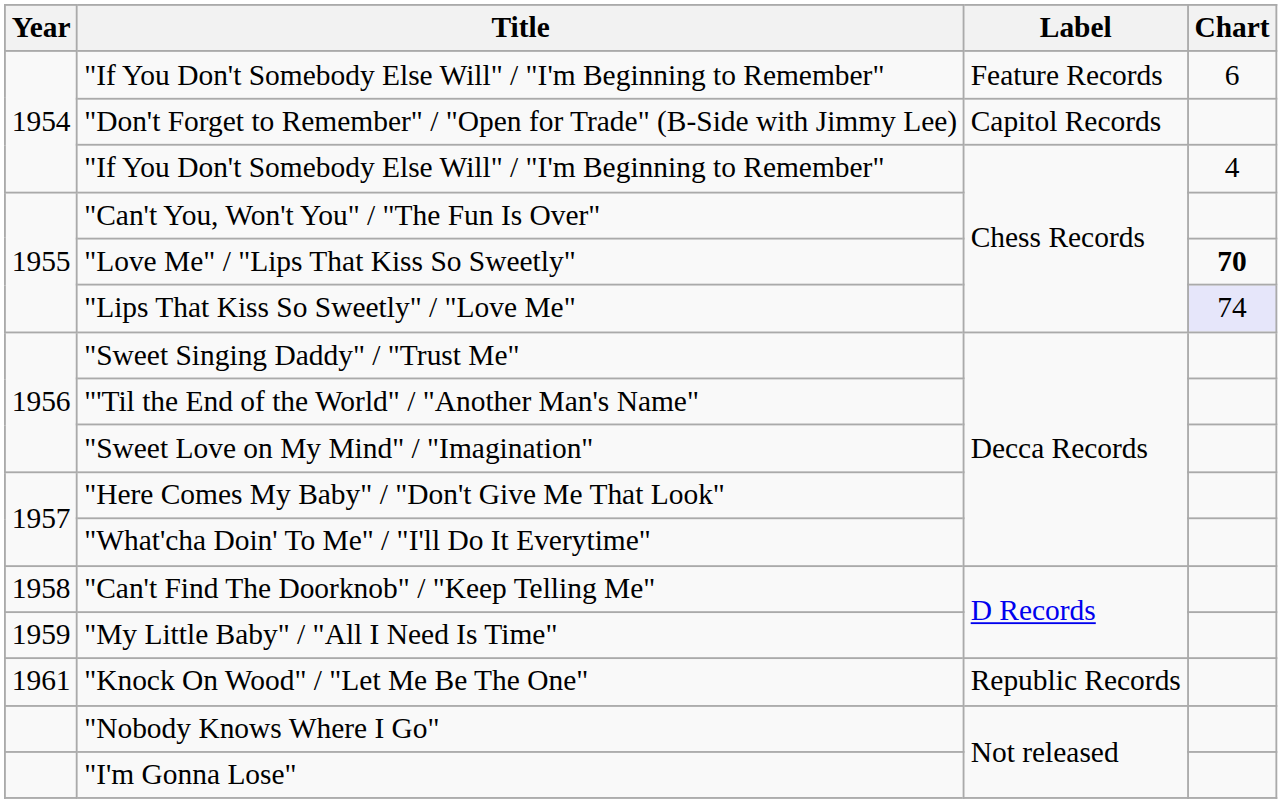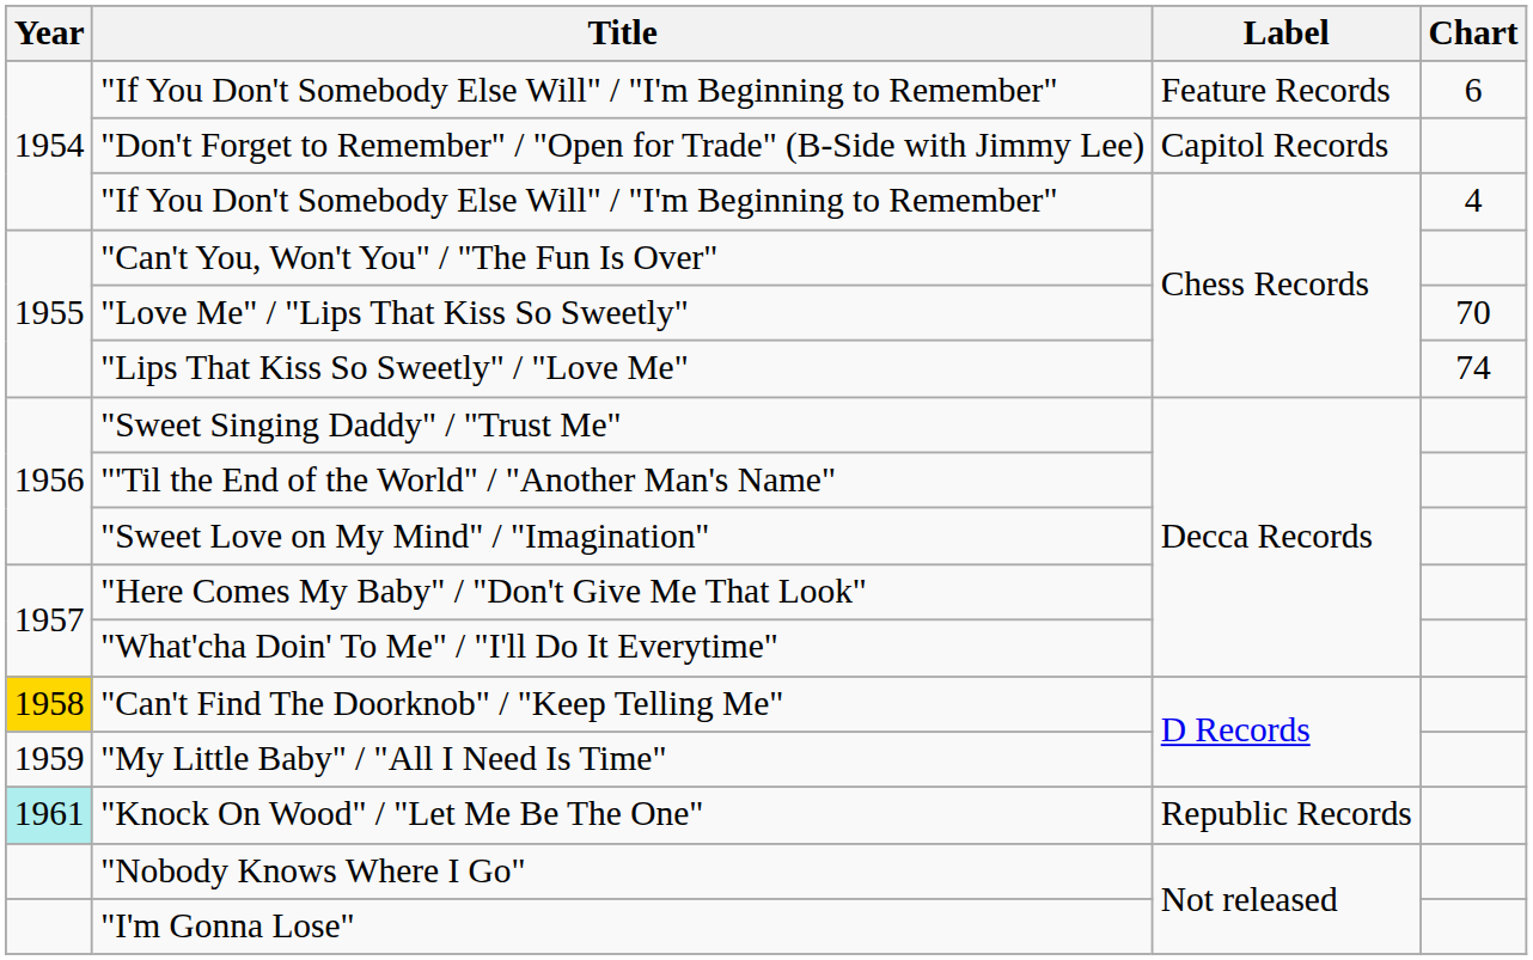 <table class="wikitable">
 <tr>
 <th>Year</th>
 <th>Title</th>
 <th>Label</th>
 <th>Chart</th>
 </tr>
 <tr>
 <td rowspan="3">1954</td>
 <td>"If You Don't Somebody Else Will" / "I'm Beginning to Remember"</td>
 <td>Feature Records</td>
 <td align="center">6</td>
 </tr>
 <tr>
 <td>"Don't Forget to Remember" / "Open for Trade" (B-Side with Jimmy Lee)</td>
 <td>Capitol Records</td>
 <td align="center"></td>
 </tr>
 <tr>
 <td>"If You Don't Somebody Else Will" / "I'm Beginning to Remember"</td>
 <td rowspan="4">Chess Records</td>
 <td align="center">4</td>
 </tr>
 <tr>
 <td rowspan="3">1955</td>
 <td>"Can't You, Won't You" / "The Fun Is Over"</td>
 <td align="center"></td>
 </tr>
 <tr>
 <td>"Love Me" / "Lips That Kiss So Sweetly"</td>
-<td align="center"><strong>70</strong></td>
+<td align="center">70</td>
 </tr>
 <tr>
 <td>"Lips That Kiss So Sweetly" / "Love Me"</td>
-<td align="center" style="background: lavender;">74</td>
+<td align="center">74</td>
 </tr>
 <tr>
 <td rowspan="3">1956</td>
 <td>"Sweet Singing Daddy" / "Trust Me"</td>
 <td rowspan="5">Decca Records</td>
 <td align="center"></td>
 </tr>
 <tr>
 <td>"'Til the End of the World" / "Another Man's Name"</td>
 <td align="center"></td>
 </tr>
 <tr>
 <td>"Sweet Love on My Mind" / "Imagination"</td>
 <td align="center"></td>
 </tr>
 <tr>
 <td rowspan="2">1957</td>
 <td>"Here Comes My Baby" / "Don't Give Me That Look"</td>
 <td align="center"></td>
 </tr>
 <tr>
 <td>"What'cha Doin' To Me" / "I'll Do It Everytime"</td>
 <td align="center"></td>
 </tr>
 <tr>
-<td>1958</td>
+<td style="background: gold;">1958</td>
 <td>"Can't Find The Doorknob" / "Keep Telling Me"</td>
 <td rowspan="2"><a href='#'>D Records</a></td>
 <td align="center"></td>
 </tr>
 <tr>
 <td>1959</td>
 <td>"My Little Baby" / "All I Need Is Time"</td>
 <td align="center"></td>
 </tr>
 <tr>
-<td>1961</td>
+<td style="background: paleturquoise;">1961</td>
 <td>"Knock On Wood" / "Let Me Be The One"</td>
 <td>Republic Records</td>
 <td align="center"></td>
 </tr>
 <tr>
 <td></td>
 <td>"Nobody Knows Where I Go"</td>
 <td rowspan="2">Not released</td>
 <td></td>
 </tr>
 <tr>
 <td></td>
 <td>"I'm Gonna Lose"</td>
 <td></td>
 </tr>
 </table>
